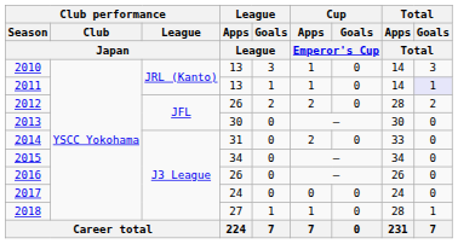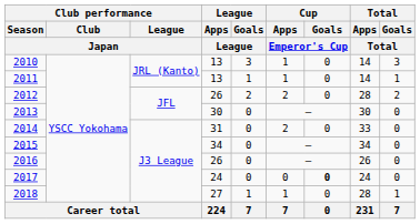 <table class="wikitable" style="text-align:center">
 <tr>
 <th colspan=3>Club performance</th>
 <th colspan=2>League</th>
 <th colspan=2>Cup</th>
 <th colspan=2>Total</th>
 </tr>
 <tr>
 <th>Season</th>
 <th>Club</th>
 <th>League</th>
 <th>Apps</th>
 <th>Goals</th>
 <th>Apps</th>
 <th>Goals</th>
 <th>Apps</th>
 <th>Goals</th>
 </tr>
 <tr>
 <th colspan=3>Japan</th>
 <th colspan=2>League</th>
 <th colspan=2><a href='#'>Emperor's Cup</a></th>
 <th colspan=2>Total</th>
 </tr>
 <tr>
 <td><a href='#'>2010</a></td>
 <td rowspan="9"><a href='#'>YSCC Yokohama</a></td>
 <td rowspan="2"><a href='#'>JRL (Kanto)</a></td>
 <td>13</td>
 <td>3</td>
 <td>1</td>
 <td>0</td>
 <td>14</td>
 <td>3</td>
 </tr>
 <tr>
 <td><a href='#'>2011</a></td>
 <td>13</td>
 <td>1</td>
 <td>1</td>
 <td>0</td>
 <td>14</td>
-<td style="background: lavender;">1</td>
+<td>1</td>
 </tr>
 <tr>
 <td><a href='#'>2012</a></td>
 <td rowspan="2"><a href='#'>JFL</a></td>
 <td>26</td>
 <td>2</td>
 <td>2</td>
 <td>0</td>
 <td>28</td>
 <td>2</td>
 </tr>
 <tr>
 <td><a href='#'>2013</a></td>
 <td>30</td>
 <td>0</td>
 <td colspan="2">–</td>
 <td>30</td>
 <td>0</td>
 </tr>
 <tr>
 <td><a href='#'>2014</a></td>
 <td rowspan="5"><a href='#'>J3 League</a></td>
 <td>31</td>
 <td>0</td>
 <td>2</td>
 <td>0</td>
 <td>33</td>
 <td>0</td>
 </tr>
 <tr>
 <td><a href='#'>2015</a></td>
 <td>34</td>
 <td>0</td>
 <td colspan="2">–</td>
 <td>34</td>
 <td>0</td>
 </tr>
 <tr>
 <td><a href='#'>2016</a></td>
 <td>26</td>
 <td>0</td>
 <td colspan="2">–</td>
 <td>26</td>
 <td>0</td>
 </tr>
 <tr>
 <td><a href='#'>2017</a></td>
 <td>24</td>
 <td>0</td>
 <td>0</td>
-<td>0</td>
+<td><strong>0</strong></td>
 <td>24</td>
 <td>0</td>
 </tr>
 <tr>
 <td><a href='#'>2018</a></td>
 <td>27</td>
 <td>1</td>
 <td>1</td>
 <td>0</td>
 <td>28</td>
 <td>1</td>
 </tr>
 <tr>
 <th colspan=3>Career total</th>
 <th>224</th>
 <th>7</th>
 <th>7</th>
 <th>0</th>
 <th>231</th>
 <th>7</th>
 </tr>
 </table>
